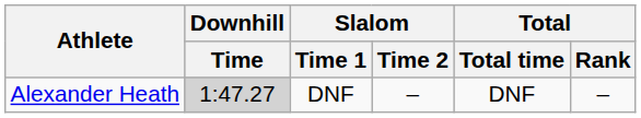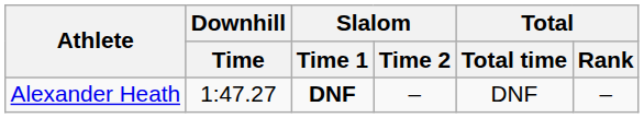 <table class="wikitable" style="font-size:90%">
 <tr>
 <th rowspan="2">Athlete</th>
 <th>Downhill</th>
 <th colspan="2">Slalom</th>
 <th colspan="2">Total</th>
 </tr>
 <tr>
 <th>Time</th>
 <th>Time 1</th>
 <th>Time 2</th>
 <th>Total time</th>
 <th>Rank</th>
 </tr>
 <tr>
 <td><a href='#'>Alexander Heath</a></td>
-<td align="center" style="background: lightgrey;">1:47.27</td>
-<td align="center">DNF</td>
+<td align="center">1:47.27</td>
+<td align="center"><strong>DNF</strong></td>
 <td align="center">–</td>
 <td align="center">DNF</td>
 <td align="center">–</td>
 </tr>
 </table>
